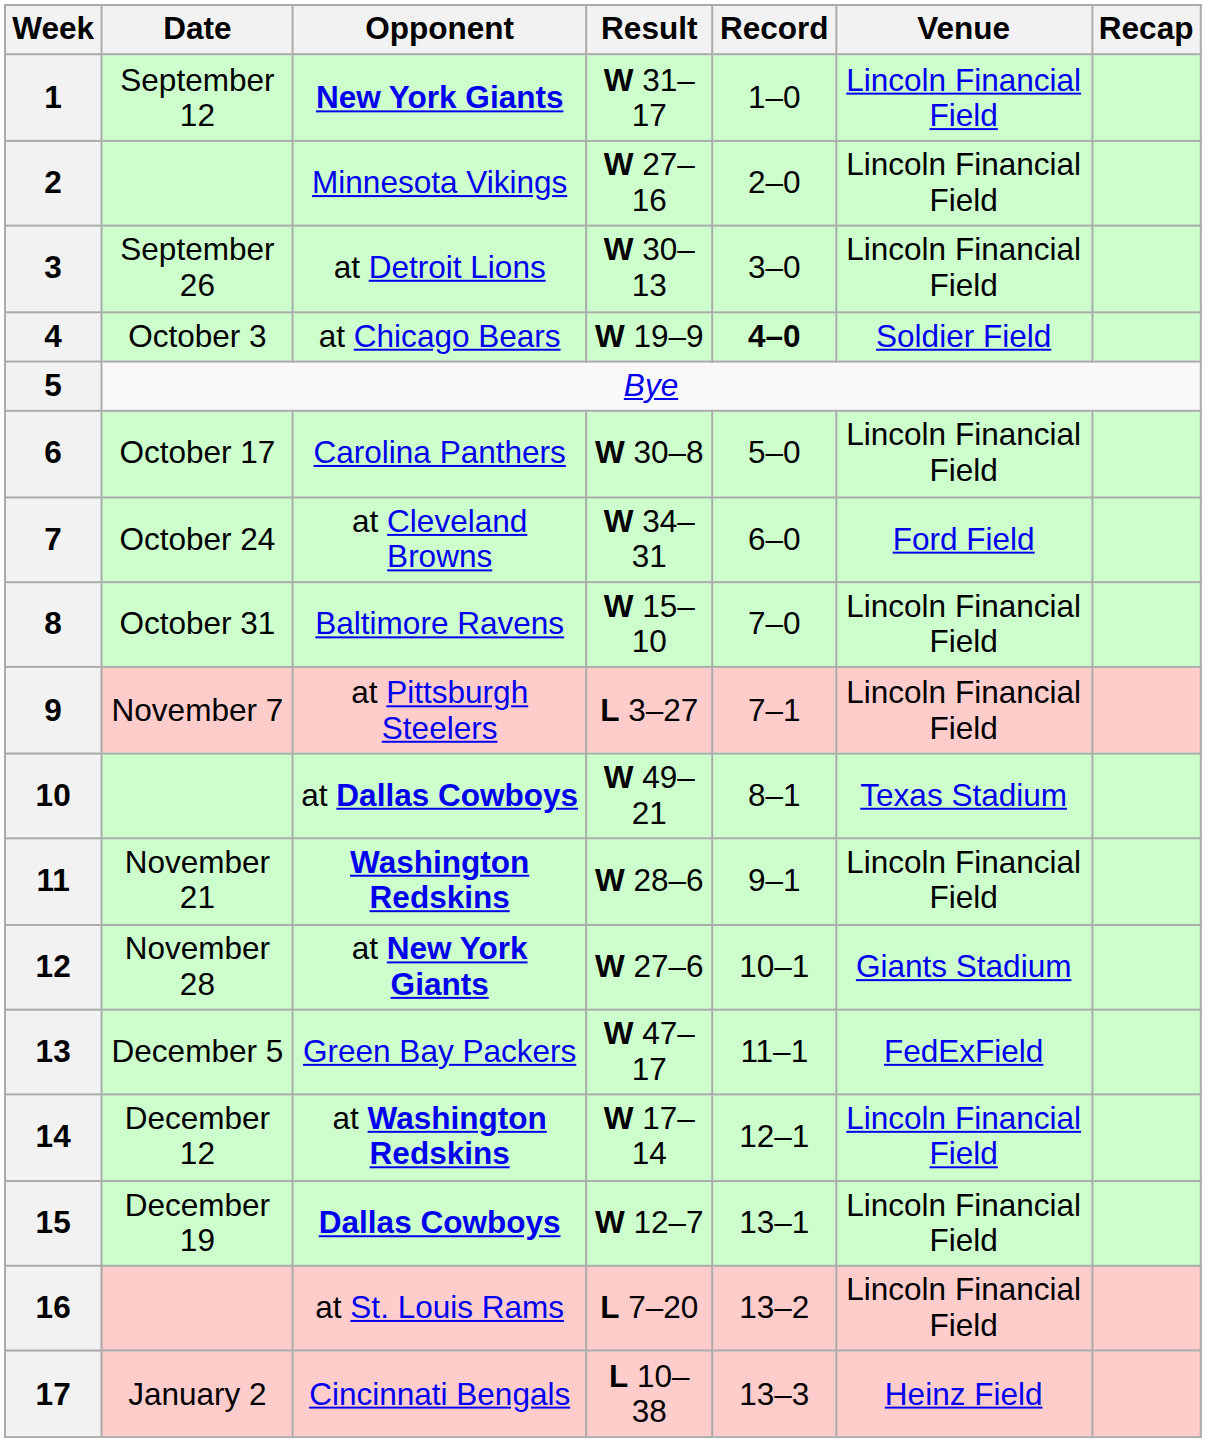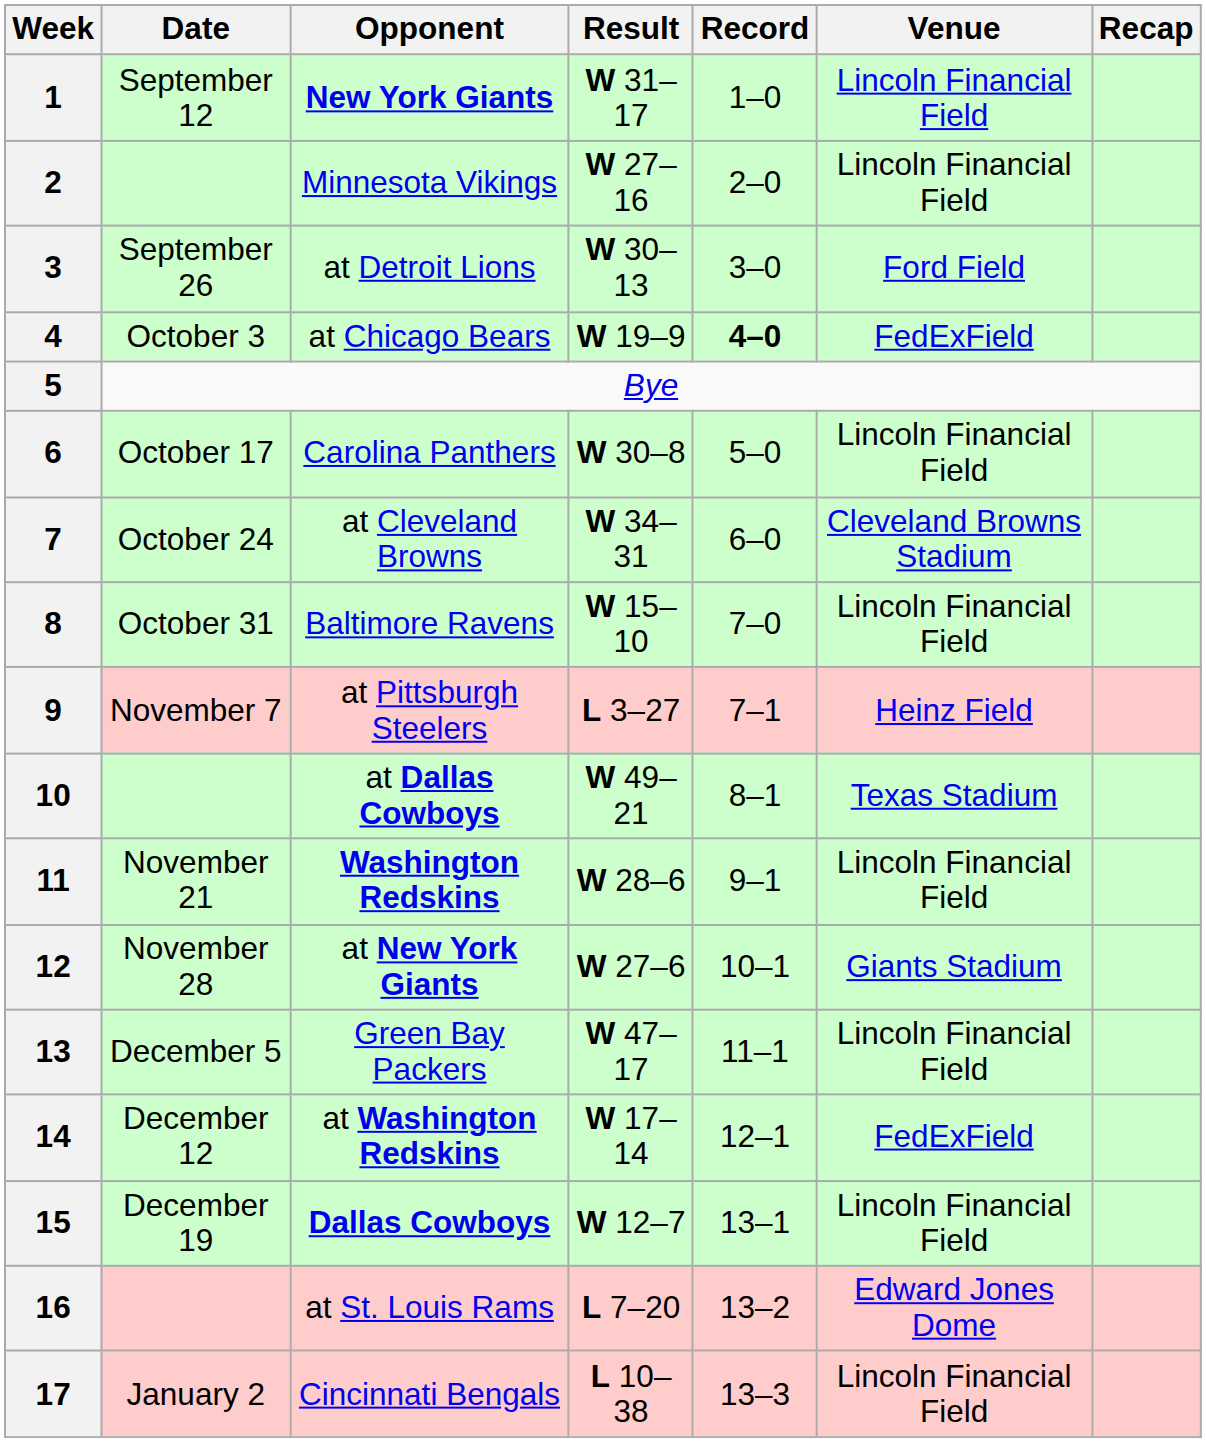 <table class="wikitable" style="text-align:center">
 <tr>
 <th>Week</th>
 <th>Date</th>
 <th>Opponent</th>
 <th>Result</th>
 <th>Record</th>
 <th>Venue</th>
 <th>Recap</th>
 </tr>
 <tr style="background:#cfc">
 <th>1</th>
 <td>September 12</td>
 <td><strong><a href='#'>New York Giants</a></strong></td>
 <td><strong>W</strong> 31–17</td>
 <td>1–0</td>
 <td><a href='#'>Lincoln Financial Field</a></td>
 <td></td>
 </tr>
 <tr style="background:#cfc">
 <th>2</th>
 <td></td>
 <td><a href='#'>Minnesota Vikings</a></td>
 <td><strong>W</strong> 27–16</td>
 <td>2–0</td>
 <td>Lincoln Financial Field</td>
 <td></td>
 </tr>
 <tr style="background:#cfc">
 <th>3</th>
 <td>September 26</td>
 <td>at <a href='#'>Detroit Lions</a></td>
 <td><strong>W</strong> 30–13</td>
 <td>3–0</td>
-<td>Lincoln Financial Field</td>
+<td><a href='#'>Ford Field</a></td>
 <td></td>
 </tr>
 <tr style="background:#cfc">
 <th>4</th>
 <td>October 3</td>
 <td>at <a href='#'>Chicago Bears</a></td>
 <td><strong>W</strong> 19–9</td>
 <td><strong>4–0</strong></td>
-<td><a href='#'>Soldier Field</a></td>
+<td><a href='#'>FedExField</a></td>
 <td></td>
 </tr>
 <tr>
 <th>5</th>
 <td colspan="6"><em><a href='#'>Bye</a></em></td>
 </tr>
 <tr style="background:#cfc">
 <th>6</th>
 <td>October 17</td>
 <td><a href='#'>Carolina Panthers</a></td>
 <td><strong>W</strong> 30–8</td>
 <td>5–0</td>
 <td>Lincoln Financial Field</td>
 <td></td>
 </tr>
 <tr style="background:#cfc">
 <th>7</th>
 <td>October 24</td>
 <td>at <a href='#'>Cleveland Browns</a></td>
 <td><strong>W</strong> 34–31 </td>
 <td>6–0</td>
-<td><a href='#'>Ford Field</a></td>
+<td><a href='#'>Cleveland Browns Stadium</a></td>
 <td></td>
 </tr>
 <tr style="background:#cfc">
 <th>8</th>
 <td>October 31</td>
 <td><a href='#'>Baltimore Ravens</a></td>
 <td><strong>W</strong> 15–10</td>
 <td>7–0</td>
 <td>Lincoln Financial Field</td>
 <td></td>
 </tr>
 <tr style="background:#fcc">
 <th>9</th>
 <td>November 7</td>
 <td>at <a href='#'>Pittsburgh Steelers</a></td>
 <td><strong>L</strong> 3–27</td>
 <td>7–1</td>
-<td>Lincoln Financial Field</td>
+<td><a href='#'>Heinz Field</a></td>
 <td></td>
 </tr>
 <tr style="background:#cfc">
 <th>10</th>
 <td></td>
 <td>at <strong><a href='#'>Dallas Cowboys</a></strong></td>
 <td><strong>W</strong> 49–21</td>
 <td>8–1</td>
 <td><a href='#'>Texas Stadium</a></td>
 <td></td>
 </tr>
 <tr style="background:#cfc">
 <th>11</th>
 <td>November 21</td>
 <td><strong><a href='#'>Washington Redskins</a></strong></td>
 <td><strong>W</strong> 28–6</td>
 <td>9–1</td>
 <td>Lincoln Financial Field</td>
 <td></td>
 </tr>
 <tr style="background:#cfc">
 <th>12</th>
 <td>November 28</td>
 <td>at <strong><a href='#'>New York Giants</a></strong></td>
 <td><strong>W</strong> 27–6</td>
 <td>10–1</td>
 <td><a href='#'>Giants Stadium</a></td>
 <td></td>
 </tr>
 <tr style="background:#cfc">
 <th>13</th>
 <td>December 5</td>
 <td><a href='#'>Green Bay Packers</a></td>
 <td><strong>W</strong> 47–17</td>
 <td>11–1</td>
-<td><a href='#'>FedExField</a></td>
+<td>Lincoln Financial Field</td>
 <td></td>
 </tr>
 <tr style="background:#cfc">
 <th>14</th>
 <td>December 12</td>
 <td>at <strong><a href='#'>Washington Redskins</a></strong></td>
 <td><strong>W</strong> 17–14</td>
 <td>12–1</td>
-<td><a href='#'>Lincoln Financial Field</a></td>
+<td><a href='#'>FedExField</a></td>
 <td></td>
 </tr>
 <tr style="background:#cfc">
 <th>15</th>
 <td>December 19</td>
 <td><strong><a href='#'>Dallas Cowboys</a></strong></td>
 <td><strong>W</strong> 12–7</td>
 <td>13–1</td>
 <td>Lincoln Financial Field</td>
 <td></td>
 </tr>
 <tr style="background:#fcc">
 <th>16</th>
 <td></td>
 <td>at <a href='#'>St. Louis Rams</a></td>
 <td><strong>L</strong> 7–20</td>
 <td>13–2</td>
-<td>Lincoln Financial Field</td>
+<td><a href='#'>Edward Jones Dome</a></td>
 <td></td>
 </tr>
 <tr style="background:#fcc">
 <th>17</th>
 <td>January 2</td>
 <td><a href='#'>Cincinnati Bengals</a></td>
 <td><strong>L</strong> 10–38</td>
 <td>13–3</td>
-<td><a href='#'>Heinz Field</a></td>
+<td>Lincoln Financial Field</td>
 <td></td>
 </tr>
 </table>
